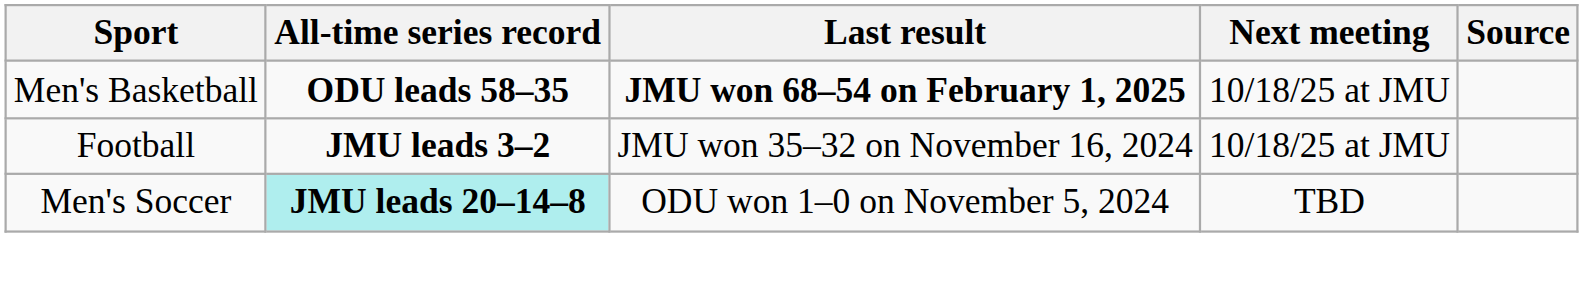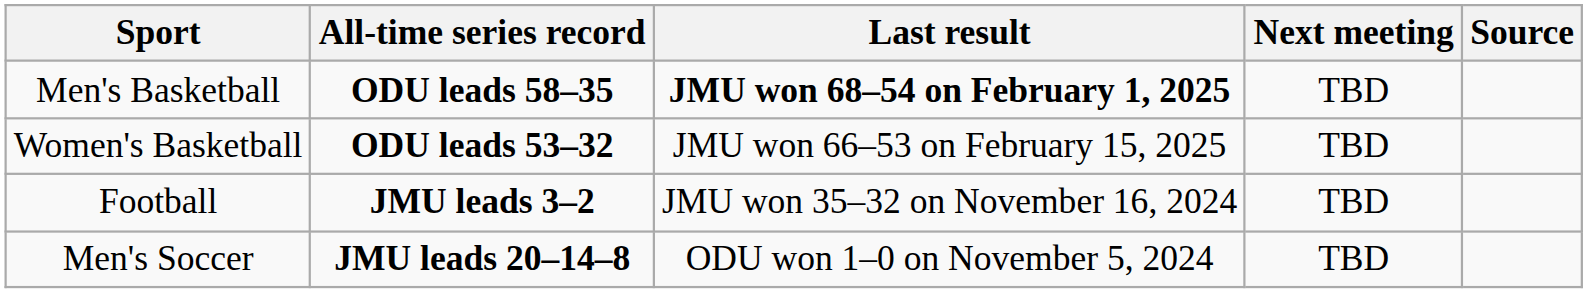 <table class="wikitable" style="margin-left: 1em; margin-bottom: 1em; text-align: center">
 <tr>
 <th>Sport</th>
 <th>All-time series record</th>
 <th>Last result</th>
 <th>Next meeting</th>
 <th>Source</th>
 </tr>
 <tr>
 <td>Men's Basketball</td>
 <td><strong>ODU leads 58–35</strong></td>
 <td><strong>JMU won 68–54 on February 1, 2025</strong></td>
-<td>10/18/25 at JMU</td>
+<td>TBD</td>
+<td></td>
+</tr>
+<tr>
+<td>Women's Basketball</td>
+<td><strong>ODU leads 53–32</strong></td>
+<td>JMU won 66–53 on February 15, 2025</td>
+<td>TBD</td>
 <td></td>
 </tr>
 <tr>
 <td>Football</td>
 <td><strong>JMU leads 3–2</strong></td>
 <td>JMU won 35–32 on November 16, 2024</td>
-<td>10/18/25 at JMU</td>
+<td>TBD</td>
 <td></td>
 </tr>
 <tr>
 <td>Men's Soccer</td>
-<td style="background: paleturquoise;"><strong>JMU leads 20–14–8</strong></td>
+<td><strong>JMU leads 20–14–8</strong></td>
 <td>ODU won 1–0 on November 5, 2024</td>
 <td>TBD</td>
 <td></td>
 </tr>
 </table>
